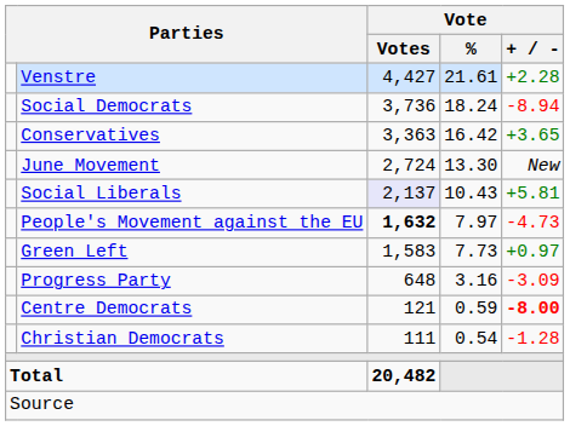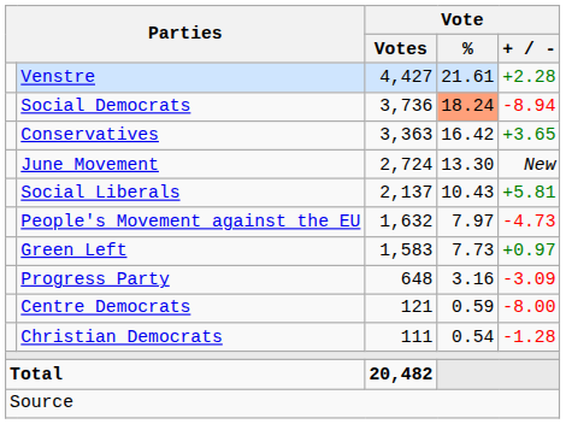 <table class="wikitable" style="text-align:right;">
 <tr>
 <th style="text-align:centre;" rowspan="2" colspan="2" width="225">Parties</th>
 <th colspan="3">Vote</th>
 </tr>
 <tr>
 <th width="15">Votes</th>
 <th width="15">%</th>
 <th width="15">+ / -</th>
 </tr>
 <tr>
 <td width="2" style="color:inherit;background:"></td>
 <td bgcolor=#cfe5fe   align="left"><a href='#'>Venstre</a></td>
 <td bgcolor=#cfe5fe>4,427</td>
 <td bgcolor=#cfe5fe>21.61</td>
 <td style=color:green;>+2.28</td>
 </tr>
 <tr>
 <td width="2" style="color:inherit;background:"></td>
 <td align="left"><a href='#'>Social Democrats</a></td>
 <td>3,736</td>
-<td>18.24</td>
+<td style="background: lightsalmon;">18.24</td>
 <td style=color:red;>-8.94</td>
 </tr>
 <tr>
 <td width="2" style="color:inherit;background:"></td>
 <td align="left"><a href='#'>Conservatives</a></td>
 <td>3,363</td>
 <td>16.42</td>
 <td style=color:green;>+3.65</td>
 </tr>
 <tr>
 <td width="2" style="color:inherit;background:"></td>
 <td align="left"><a href='#'>June Movement</a></td>
 <td>2,724</td>
 <td>13.30</td>
 <td><em>New</em></td>
 </tr>
 <tr>
 <td width="2" style="color:inherit;background:"></td>
 <td align="left"><a href='#'>Social Liberals</a></td>
-<td style="background: lavender;">2,137</td>
+<td>2,137</td>
 <td>10.43</td>
 <td style=color:green;>+5.81</td>
 </tr>
 <tr>
 <td width="2" style="color:inherit;background:"></td>
 <td align="left"><a href='#'>People's Movement against the EU</a></td>
-<td><strong>1,632</strong></td>
+<td>1,632</td>
 <td>7.97</td>
 <td style=color:red;>-4.73</td>
 </tr>
 <tr>
 <td width="2" style="color:inherit;background:"></td>
 <td align="left"><a href='#'>Green Left</a></td>
 <td>1,583</td>
 <td>7.73</td>
 <td style=color:green;>+0.97</td>
 </tr>
 <tr>
 <td width="2" style="color:inherit;background:"></td>
 <td align="left"><a href='#'>Progress Party</a></td>
 <td>648</td>
 <td>3.16</td>
 <td style=color:red;>-3.09</td>
 </tr>
 <tr>
 <td width="2" style="color:inherit;background:"></td>
 <td align="left"><a href='#'>Centre Democrats</a></td>
 <td>121</td>
 <td>0.59</td>
-<td style=color:red;><strong>-8.00</strong></td>
+<td style=color:red;>-8.00</td>
 </tr>
 <tr>
 <td width="2" style="color:inherit;background:"></td>
 <td align="left"><a href='#'>Christian Democrats</a></td>
 <td>111</td>
 <td>0.54</td>
 <td style=color:red;>-1.28</td>
 </tr>
 <tr>
 <td colspan="7" bgcolor="#E9E9E9"></td>
 </tr>
 <tr>
 <td align="left" colspan="2"><strong>Total</strong></td>
 <td><strong>20,482</strong></td>
 <td bgcolor="#E9E9E9" colspan="2"></td>
 </tr>
 <tr>
 <td align="left" colspan="6">Source</td>
 </tr>
 </table>
